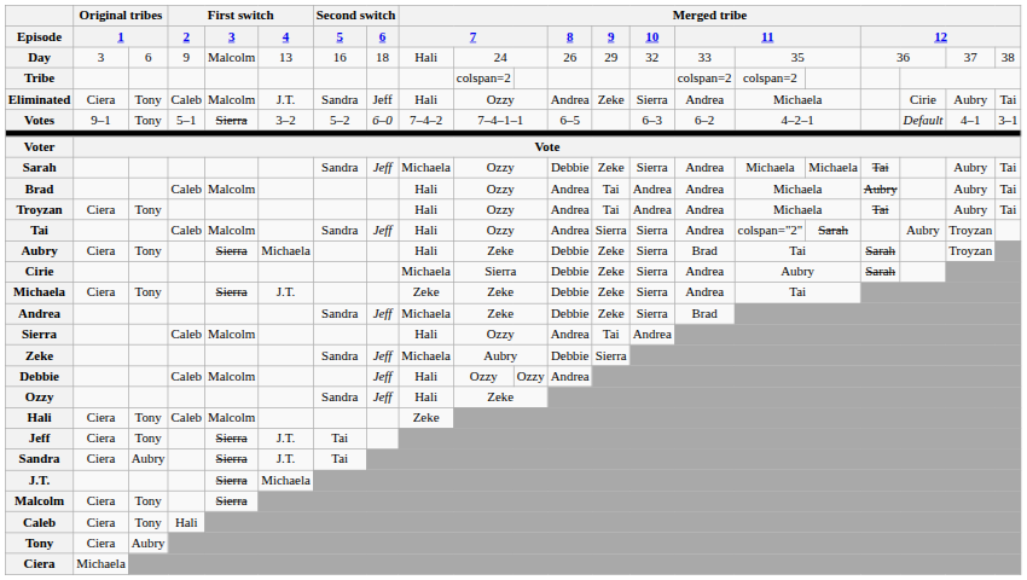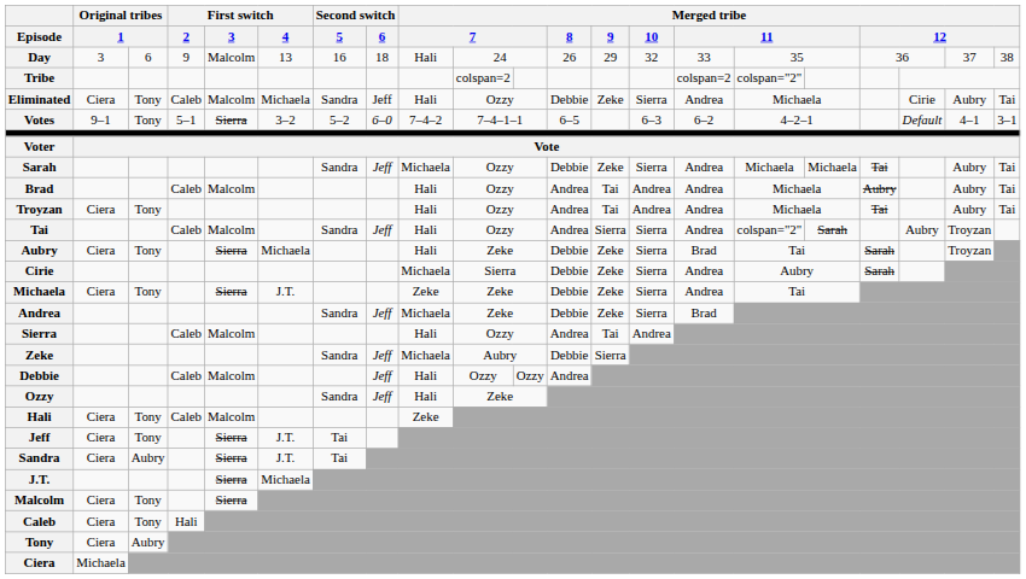 <table class="wikitable" style="text-align:center; font-size:100%">
 <tr>
 <th></th>
 <th colspan="2">Original tribes</th>
 <th colspan="3">First switch</th>
 <th colspan="2">Second switch</th>
 <th colspan="13">Merged tribe</th>
 </tr>
 <tr>
 <th>Episode</th>
 <th colspan="2"><a href='#'>1</a></th>
 <th><a href='#'>2</a></th>
 <th><a href='#'>3</a></th>
 <th><a href='#'>4</a></th>
 <th><a href='#'>5</a></th>
 <th><a href='#'>6</a></th>
 <th colspan="3"><a href='#'>7</a></th>
 <th><a href='#'>8</a></th>
 <th><a href='#'>9</a></th>
 <th><a href='#'>10</a></th>
 <th colspan="3"><a href='#'>11</a></th>
 <th colspan="4"><a href='#'>12</a></th>
 </tr>
 <tr>
 <th>Day</th>
 <td>3</td>
 <td>6</td>
 <td>9</td>
 <td>Malcolm</td>
 <td>13</td>
 <td>16</td>
 <td>18</td>
 <td>Hali</td>
 <td colspan="2">24</td>
 <td>26</td>
 <td>29</td>
 <td>32</td>
 <td>33</td>
 <td colspan="2">35</td>
 <td colspan="2">36</td>
 <td>37</td>
 <td>38</td>
 </tr>
 <tr style="line-height:normal;">
 <th>Tribe</th>
 <td></td>
 <td></td>
 <td></td>
 <td></td>
 <td></td>
 <td></td>
 <td></td>
 <td></td>
 <td>colspan=2 </td>
 <td></td>
 <td></td>
 <td></td>
 <td></td>
 <td>colspan=2 </td>
-<td>colspan=2 </td>
+<td>colspan="2" </td>
 <td></td>
 <td></td>
 </tr>
 <tr>
 <th>Eliminated</th>
 <td>Ciera</td>
 <td>Tony</td>
 <td>Caleb</td>
 <td>Malcolm</td>
-<td>J.T.</td>
+<td>Michaela</td>
 <td>Sandra</td>
 <td>Jeff</td>
 <td>Hali</td>
 <td colspan="2">Ozzy</td>
-<td>Andrea</td>
+<td>Debbie</td>
 <td>Zeke</td>
 <td>Sierra</td>
 <td>Andrea</td>
 <td colspan="2">Michaela</td>
 <td></td>
 <td>Cirie</td>
 <td>Aubry</td>
 <td>Tai</td>
 </tr>
 <tr>
 <th>Votes</th>
 <td>9–1</td>
 <td>Tony</td>
 <td>5–1</td>
 <td><s>Sierra</s></td>
 <td>3–2</td>
 <td>5–2</td>
 <td><em>6–0</em></td>
 <td>7–4–2</td>
 <td colspan="2">7–4–1–1</td>
 <td>6–5</td>
 <td></td>
 <td>6–3</td>
 <td>6–2</td>
 <td colspan="2">4–2–1</td>
 <td></td>
 <td><em>Default</em></td>
 <td>4–1</td>
 <td>3–1</td>
 </tr>
 <tr>
 <th colspan="21" style="background:black;"></th>
 </tr>
 <tr>
 <th>Voter</th>
 <th colspan="20">Vote</th>
 </tr>
 <tr>
 <th>Sarah</th>
 <td></td>
 <td></td>
 <td></td>
 <td></td>
 <td></td>
 <td>Sandra</td>
 <td><em>Jeff</em></td>
 <td>Michaela</td>
 <td colspan="2">Ozzy</td>
 <td>Debbie</td>
 <td>Zeke</td>
 <td>Sierra</td>
 <td>Andrea</td>
 <td>Michaela</td>
 <td>Michaela</td>
 <td><s>Tai</s></td>
 <td></td>
 <td>Aubry</td>
 <td>Tai</td>
 </tr>
 <tr>
 <th>Brad</th>
 <td></td>
 <td></td>
 <td>Caleb</td>
 <td>Malcolm</td>
 <td></td>
 <td></td>
 <td></td>
 <td>Hali</td>
 <td colspan="2">Ozzy</td>
 <td>Andrea</td>
 <td>Tai</td>
 <td>Andrea</td>
 <td>Andrea</td>
 <td colspan="2">Michaela</td>
 <td><s>Aubry</s></td>
 <td></td>
 <td>Aubry</td>
 <td>Tai</td>
 </tr>
 <tr>
 <th>Troyzan</th>
 <td>Ciera</td>
 <td>Tony</td>
 <td></td>
 <td></td>
 <td></td>
 <td></td>
 <td></td>
 <td>Hali</td>
 <td colspan="2">Ozzy</td>
 <td>Andrea</td>
 <td>Tai</td>
 <td>Andrea</td>
 <td>Andrea</td>
 <td colspan="2">Michaela</td>
 <td><s>Tai</s></td>
 <td></td>
 <td>Aubry</td>
 <td>Tai</td>
 </tr>
 <tr>
 <th>Tai</th>
 <td></td>
 <td></td>
 <td>Caleb</td>
 <td>Malcolm</td>
 <td></td>
 <td>Sandra</td>
 <td><em>Jeff</em></td>
 <td>Hali</td>
 <td colspan="2">Ozzy</td>
 <td>Andrea</td>
 <td>Sierra</td>
 <td>Sierra</td>
 <td>Andrea</td>
 <td>colspan="2" </td>
 <td><s>Sarah</s></td>
 <td></td>
 <td>Aubry</td>
 <td>Troyzan</td>
 </tr>
 <tr>
 <th>Aubry</th>
 <td>Ciera</td>
 <td>Tony</td>
 <td></td>
 <td><s>Sierra</s></td>
 <td>Michaela</td>
 <td></td>
 <td></td>
 <td>Hali</td>
 <td colspan="2">Zeke</td>
 <td>Debbie</td>
 <td>Zeke</td>
 <td>Sierra</td>
 <td>Brad</td>
 <td colspan="2">Tai</td>
 <td><s>Sarah</s></td>
 <td></td>
 <td>Troyzan</td>
 <td style="background:darkgrey;"></td>
 </tr>
 <tr>
 <th>Cirie</th>
 <td></td>
 <td></td>
 <td></td>
 <td></td>
 <td></td>
 <td></td>
 <td></td>
 <td>Michaela</td>
 <td colspan="2">Sierra</td>
 <td>Debbie</td>
 <td>Zeke</td>
 <td>Sierra</td>
 <td>Andrea</td>
 <td colspan="2">Aubry</td>
 <td><s>Sarah</s></td>
 <td></td>
 <td colspan="2" style="background:darkgrey;"></td>
 </tr>
 <tr>
 <th>Michaela</th>
 <td>Ciera</td>
 <td>Tony</td>
 <td></td>
 <td><s>Sierra</s></td>
 <td>J.T.</td>
 <td></td>
 <td></td>
 <td>Zeke</td>
 <td colspan="2">Zeke</td>
 <td>Debbie</td>
 <td>Zeke</td>
 <td>Sierra</td>
 <td>Andrea</td>
 <td colspan="2">Tai</td>
 <td colspan="4" style="background:darkgrey;"></td>
 </tr>
 <tr>
 <th>Andrea</th>
 <td></td>
 <td></td>
 <td></td>
 <td></td>
 <td></td>
 <td>Sandra</td>
 <td><em>Jeff</em></td>
 <td>Michaela</td>
 <td colspan="2">Zeke</td>
 <td>Debbie</td>
 <td>Zeke</td>
 <td>Sierra</td>
 <td>Brad</td>
 <td colspan="6" style="background:darkgrey;"></td>
 </tr>
 <tr>
 <th>Sierra</th>
 <td></td>
 <td></td>
 <td>Caleb</td>
 <td>Malcolm</td>
 <td></td>
 <td></td>
 <td></td>
 <td>Hali</td>
 <td colspan="2">Ozzy</td>
 <td>Andrea</td>
 <td>Tai</td>
 <td>Andrea</td>
 <td colspan="7" style="background:darkgrey;"></td>
 </tr>
 <tr>
 <th>Zeke</th>
 <td></td>
 <td></td>
 <td></td>
 <td></td>
 <td></td>
 <td>Sandra</td>
 <td><em>Jeff</em></td>
 <td>Michaela</td>
 <td colspan="2">Aubry</td>
 <td>Debbie</td>
 <td>Sierra</td>
 <td colspan="8" style="background:darkgrey;"></td>
 </tr>
 <tr>
 <th>Debbie</th>
 <td></td>
 <td></td>
 <td>Caleb</td>
 <td>Malcolm</td>
 <td></td>
 <td></td>
 <td><em>Jeff</em></td>
 <td>Hali</td>
 <td>Ozzy</td>
 <td>Ozzy</td>
 <td>Andrea</td>
 <td colspan="9" style="background:darkgrey;"></td>
 </tr>
 <tr>
 <th>Ozzy</th>
 <td></td>
 <td></td>
 <td></td>
 <td></td>
 <td></td>
 <td>Sandra</td>
 <td><em>Jeff</em></td>
 <td>Hali</td>
 <td colspan=2>Zeke</td>
 <td colspan="10" style="background:darkgrey;"></td>
 </tr>
 <tr>
 <th>Hali</th>
 <td>Ciera</td>
 <td>Tony</td>
 <td>Caleb</td>
 <td>Malcolm</td>
 <td></td>
 <td></td>
 <td></td>
 <td>Zeke</td>
 <td colspan="12" style="background:darkgrey;"></td>
 </tr>
 <tr>
 <th>Jeff</th>
 <td>Ciera</td>
 <td>Tony</td>
 <td></td>
 <td><s>Sierra</s></td>
 <td>J.T.</td>
 <td>Tai</td>
 <td></td>
 <td colspan="13" style="background:darkgrey;"></td>
 </tr>
 <tr>
 <th>Sandra</th>
 <td>Ciera</td>
 <td>Aubry</td>
 <td></td>
 <td><s>Sierra</s></td>
 <td>J.T.</td>
 <td>Tai</td>
 <td colspan="14" style="background:darkgrey;"></td>
 </tr>
 <tr>
 <th>J.T.</th>
 <td></td>
 <td></td>
 <td></td>
 <td><s>Sierra</s></td>
 <td>Michaela</td>
 <td colspan="15" style="background:darkgrey;"></td>
 </tr>
 <tr>
 <th>Malcolm</th>
 <td>Ciera</td>
 <td>Tony</td>
 <td></td>
 <td><s>Sierra</s></td>
 <td colspan="16" style="background:darkgrey;"></td>
 </tr>
 <tr>
 <th>Caleb</th>
 <td>Ciera</td>
 <td>Tony</td>
 <td>Hali</td>
 <td colspan="17" style="background:darkgrey;"></td>
 </tr>
 <tr>
 <th>Tony</th>
 <td>Ciera</td>
 <td>Aubry</td>
 <td colspan="18" style="background:darkgrey;"></td>
 </tr>
 <tr>
 <th>Ciera</th>
 <td>Michaela</td>
 <td colspan="19" style="background:darkgrey;"></td>
 </tr>
 </table>
